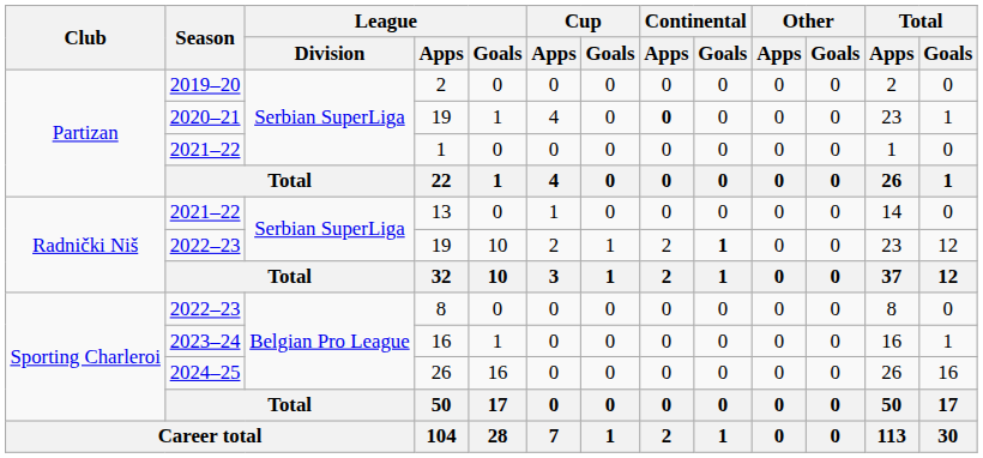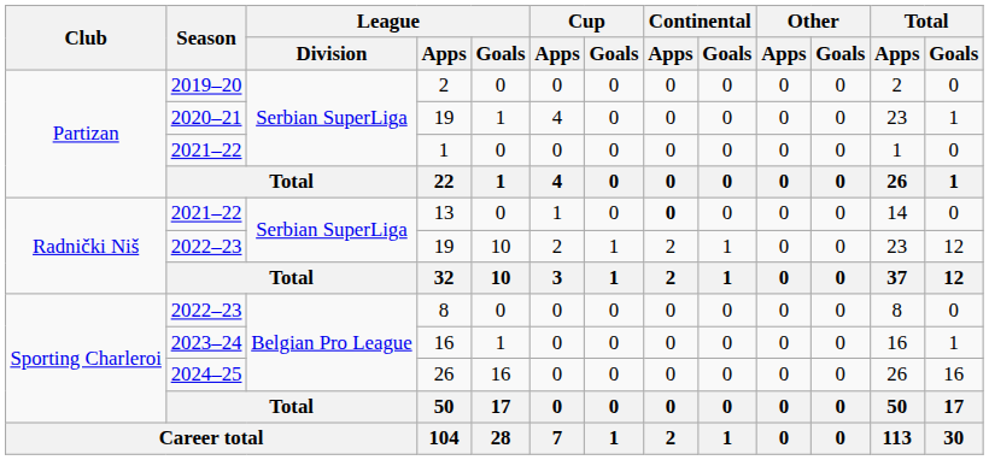 <table class=wikitable style=text-align:center>
 <tr>
 <th rowspan=2>Club</th>
 <th rowspan=2>Season</th>
 <th colspan=3>League</th>
 <th colspan=2>Cup</th>
 <th colspan=2>Continental</th>
 <th colspan=2>Other</th>
 <th colspan=2>Total</th>
 </tr>
 <tr>
 <th>Division</th>
 <th>Apps</th>
 <th>Goals</th>
 <th>Apps</th>
 <th>Goals</th>
 <th>Apps</th>
 <th>Goals</th>
 <th>Apps</th>
 <th>Goals</th>
 <th>Apps</th>
 <th>Goals</th>
 </tr>
 <tr>
 <td rowspan=4><a href='#'>Partizan</a></td>
 <td><a href='#'>2019–20</a></td>
 <td rowspan=3><a href='#'>Serbian SuperLiga</a></td>
 <td>2</td>
 <td>0</td>
 <td>0</td>
 <td>0</td>
 <td>0</td>
 <td>0</td>
 <td>0</td>
 <td>0</td>
 <td>2</td>
 <td>0</td>
 </tr>
 <tr>
 <td><a href='#'>2020–21</a></td>
 <td>19</td>
 <td>1</td>
 <td>4</td>
 <td>0</td>
-<td><strong>0</strong></td>
+<td>0</td>
 <td>0</td>
 <td>0</td>
 <td>0</td>
 <td>23</td>
 <td>1</td>
 </tr>
 <tr>
 <td><a href='#'>2021–22</a></td>
 <td>1</td>
 <td>0</td>
 <td>0</td>
 <td>0</td>
 <td>0</td>
 <td>0</td>
 <td>0</td>
 <td>0</td>
 <td>1</td>
 <td>0</td>
 </tr>
 <tr>
 <th colspan=2>Total</th>
 <th>22</th>
 <th>1</th>
 <th>4</th>
 <th>0</th>
 <th>0</th>
 <th>0</th>
 <th>0</th>
 <th>0</th>
 <th>26</th>
 <th>1</th>
 </tr>
 <tr>
 <td rowspan=3><a href='#'>Radnički Niš</a></td>
 <td><a href='#'>2021–22</a></td>
 <td rowspan=2><a href='#'>Serbian SuperLiga</a></td>
 <td>13</td>
 <td>0</td>
 <td>1</td>
 <td>0</td>
-<td>0</td>
+<td><strong>0</strong></td>
 <td>0</td>
 <td>0</td>
 <td>0</td>
 <td>14</td>
 <td>0</td>
 </tr>
 <tr>
 <td><a href='#'>2022–23</a></td>
 <td>19</td>
 <td>10</td>
 <td>2</td>
 <td>1</td>
 <td>2</td>
-<td><strong>1</strong></td>
+<td>1</td>
 <td>0</td>
 <td>0</td>
 <td>23</td>
 <td>12</td>
 </tr>
 <tr>
 <th colspan=2>Total</th>
 <th>32</th>
 <th>10</th>
 <th>3</th>
 <th>1</th>
 <th>2</th>
 <th>1</th>
 <th>0</th>
 <th>0</th>
 <th>37</th>
 <th>12</th>
 </tr>
 <tr>
 <td rowspan=4><a href='#'>Sporting Charleroi</a></td>
 <td><a href='#'>2022–23</a></td>
 <td rowspan=3><a href='#'>Belgian Pro League</a></td>
 <td>8</td>
 <td>0</td>
 <td>0</td>
 <td>0</td>
 <td>0</td>
 <td>0</td>
 <td>0</td>
 <td>0</td>
 <td>8</td>
 <td>0</td>
 </tr>
 <tr>
 <td><a href='#'>2023–24</a></td>
 <td>16</td>
 <td>1</td>
 <td>0</td>
 <td>0</td>
 <td>0</td>
 <td>0</td>
 <td>0</td>
 <td>0</td>
 <td>16</td>
 <td>1</td>
 </tr>
 <tr>
 <td><a href='#'>2024–25</a></td>
 <td>26</td>
 <td>16</td>
 <td>0</td>
 <td>0</td>
 <td>0</td>
 <td>0</td>
 <td>0</td>
 <td>0</td>
 <td>26</td>
 <td>16</td>
 </tr>
 <tr>
 <th colspan=2>Total</th>
 <th>50</th>
 <th>17</th>
 <th>0</th>
 <th>0</th>
 <th>0</th>
 <th>0</th>
 <th>0</th>
 <th>0</th>
 <th>50</th>
 <th>17</th>
 </tr>
 <tr>
 <th colspan=3>Career total</th>
 <th>104</th>
 <th>28</th>
 <th>7</th>
 <th>1</th>
 <th>2</th>
 <th>1</th>
 <th>0</th>
 <th>0</th>
 <th>113</th>
 <th>30</th>
 </tr>
 </table>
